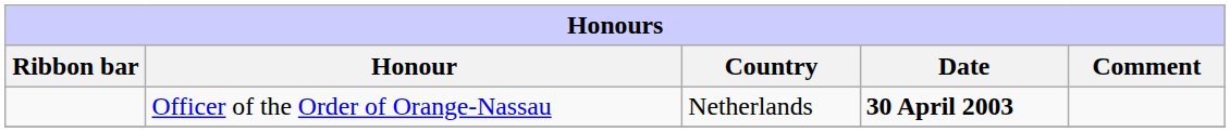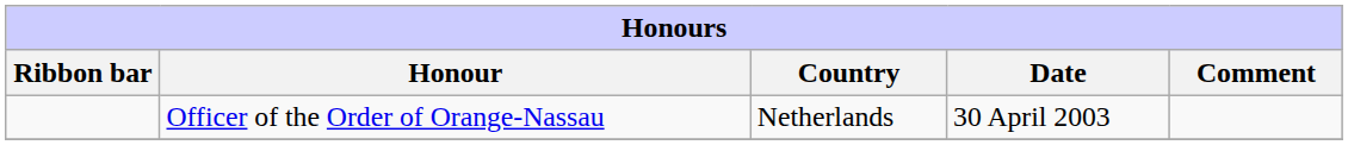 <table class="wikitable" style="width:60%;">
 <tr style="background:#ccf; text-align:center;">
 <td colspan=5><strong>Honours</strong></td>
 </tr>
 <tr>
 <th style="width:80px;">Ribbon bar</th>
 <th>Honour</th>
 <th>Country</th>
 <th>Date</th>
 <th>Comment</th>
 </tr>
 <tr>
 <td></td>
 <td><a href='#'>Officer</a> of the <a href='#'>Order of Orange-Nassau</a></td>
 <td>Netherlands</td>
-<td><strong>30 April 2003</strong></td>
+<td>30 April 2003</td>
 <td></td>
 </tr>
 <tr>
 </tr>
 </table>
